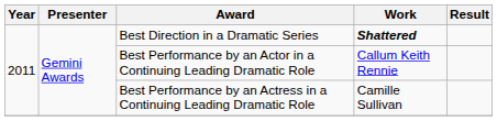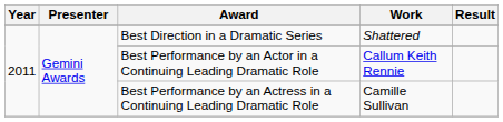 <table class="wikitable">
 <tr>
 <th>Year</th>
 <th>Presenter</th>
 <th>Award</th>
 <th>Work</th>
 <th>Result</th>
 </tr>
 <tr>
 <td rowspan="3">2011</td>
 <td rowspan="3"><a href='#'>Gemini Awards</a></td>
 <td>Best Direction in a Dramatic Series</td>
-<td><strong><em>Shattered</em></strong></td>
+<td><em>Shattered</em></td>
 <td></td>
 </tr>
 <tr>
 <td>Best Performance by an Actor in a Continuing Leading Dramatic Role</td>
 <td><a href='#'>Callum Keith Rennie</a></td>
 <td></td>
 </tr>
 <tr>
 <td>Best Performance by an Actress in a Continuing Leading Dramatic Role</td>
 <td>Camille Sullivan</td>
 <td></td>
 </tr>
 <tr>
 </tr>
 </table>
